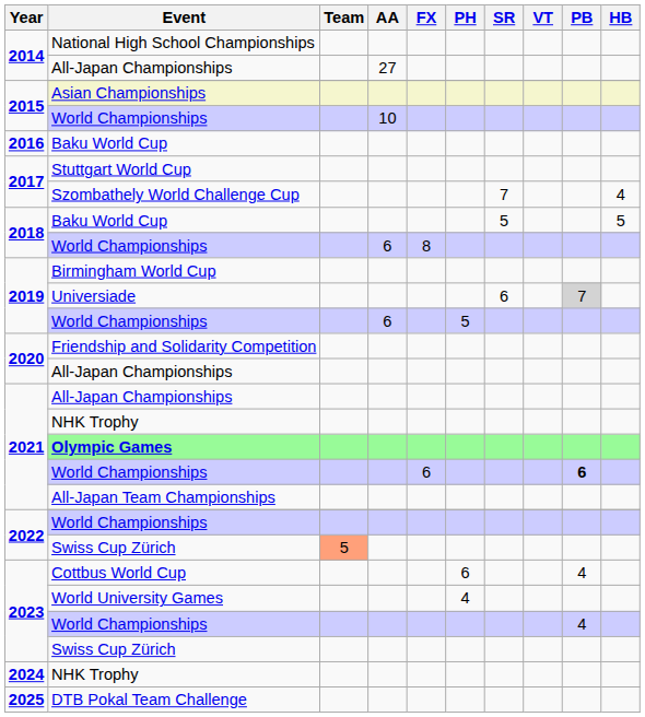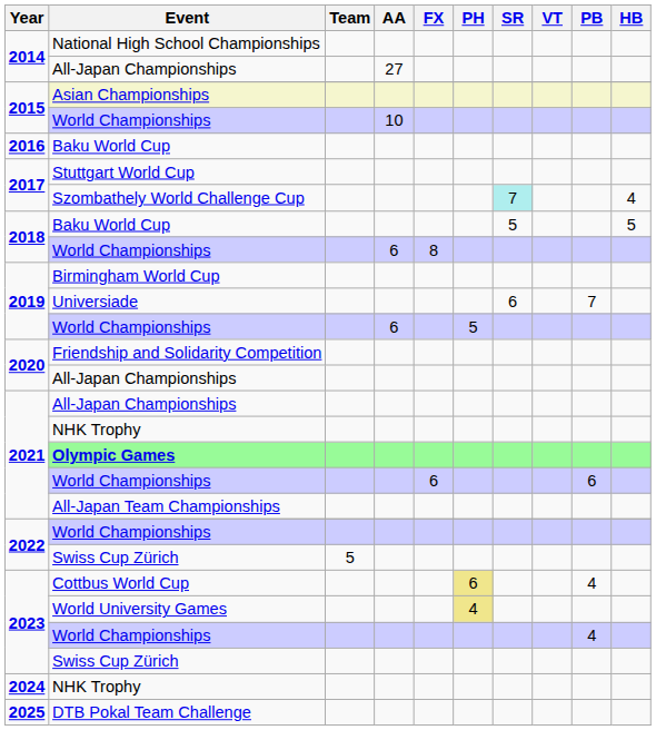 <table class="wikitable" style="text-align:center; font-size:95%;">
 <tr>
 <th align=center>Year</th>
 <th align=center>Event</th>
 <th style="width:30px;">Team</th>
 <th style="width:30px;">AA</th>
 <th style="width:30px;"><a href='#'>FX</a></th>
 <th style="width:30px;"><a href='#'>PH</a></th>
 <th style="width:30px;"><a href='#'>SR</a></th>
 <th style="width:30px;"><a href='#'>VT</a></th>
 <th style="width:30px;"><a href='#'>PB</a></th>
 <th style="width:30px;"><a href='#'>HB</a></th>
 </tr>
 <tr>
 <td rowspan="2"><strong><a href='#'>2014</a></strong></td>
 <td align=left>National High School Championships</td>
 <td></td>
 <td></td>
 <td></td>
 <td></td>
 <td></td>
 <td></td>
 <td></td>
 <td></td>
 </tr>
 <tr>
 <td align=left>All-Japan Championships</td>
 <td></td>
 <td>27</td>
 <td></td>
 <td></td>
 <td></td>
 <td></td>
 <td></td>
 <td></td>
 </tr>
 <tr>
 <td rowspan="3"><strong><a href='#'>2015</a></strong></td>
 </tr>
 <tr bgcolor=#F5F6CE>
 <td align=left><a href='#'>Asian Championships</a></td>
 <td></td>
 <td></td>
 <td></td>
 <td></td>
 <td></td>
 <td></td>
 <td></td>
 <td></td>
 </tr>
 <tr bgcolor=#CCCCFF>
 <td align=left><a href='#'>World Championships</a></td>
 <td></td>
 <td>10</td>
 <td></td>
 <td></td>
 <td></td>
 <td></td>
 <td></td>
 <td></td>
 </tr>
 <tr>
 <td rowspan="1"><strong><a href='#'>2016</a></strong></td>
 <td align=left><a href='#'>Baku World Cup</a></td>
 <td></td>
 <td></td>
 <td></td>
 <td></td>
 <td></td>
 <td></td>
 <td></td>
 <td></td>
 </tr>
 <tr>
 <td rowspan="2"><strong><a href='#'>2017</a></strong></td>
 <td align=left><a href='#'>Stuttgart World Cup</a></td>
 <td></td>
 <td></td>
 <td></td>
 <td></td>
 <td></td>
 <td></td>
 <td></td>
 </tr>
 <tr>
 <td align=left><a href='#'>Szombathely World Challenge Cup</a></td>
 <td></td>
 <td></td>
 <td></td>
 <td></td>
-<td>7</td>
+<td style="background: paleturquoise;">7</td>
 <td></td>
 <td></td>
 <td>4</td>
 </tr>
 <tr>
 <td rowspan="2"><strong><a href='#'>2018</a></strong></td>
 <td align=left><a href='#'>Baku World Cup</a></td>
 <td></td>
 <td></td>
 <td></td>
 <td></td>
 <td>5</td>
 <td></td>
 <td></td>
 <td>5</td>
 </tr>
 <tr bgcolor=#CCCCFF>
 <td align=left><a href='#'>World Championships</a></td>
 <td></td>
 <td>6</td>
 <td>8</td>
 <td></td>
 <td></td>
 <td></td>
 <td></td>
 <td></td>
 </tr>
 <tr>
 <td rowspan="3"><strong><a href='#'>2019</a></strong></td>
 <td align=left><a href='#'>Birmingham World Cup</a></td>
 <td></td>
 <td></td>
 <td></td>
 <td></td>
 <td></td>
 <td></td>
 <td></td>
 </tr>
 <tr>
 <td align=left><a href='#'>Universiade</a></td>
 <td></td>
 <td></td>
 <td></td>
 <td></td>
 <td>6</td>
 <td></td>
-<td style="background: lightgrey;">7</td>
+<td>7</td>
 <td></td>
 </tr>
 <tr bgcolor="#CCCCFF">
 <td align="left"><a href='#'>World Championships</a></td>
 <td></td>
 <td>6</td>
 <td></td>
 <td>5</td>
 <td></td>
 <td></td>
 <td></td>
 <td></td>
 </tr>
 <tr>
 <td rowspan="2"><strong><a href='#'>2020</a></strong></td>
 <td align=left><a href='#'>Friendship and Solidarity Competition</a></td>
 <td></td>
 <td></td>
 <td></td>
 <td></td>
 <td></td>
 <td></td>
 <td></td>
 <td></td>
 </tr>
 <tr>
 <td align=left>All-Japan Championships</td>
 <td></td>
 <td></td>
 <td></td>
 <td></td>
 <td></td>
 <td></td>
 <td></td>
 <td></td>
 </tr>
 <tr>
 <td rowspan="5"><strong><a href='#'>2021</a></strong></td>
 <td align=left><a href='#'>All-Japan Championships</a></td>
 <td></td>
 <td></td>
 <td></td>
 <td></td>
 <td></td>
 <td></td>
 <td></td>
 <td></td>
 </tr>
 <tr>
 <td align=left>NHK Trophy</td>
 <td></td>
 <td></td>
 <td></td>
 <td></td>
 <td></td>
 <td></td>
 <td></td>
 <td></td>
 </tr>
 <tr bgcolor="#98FB98">
 <td align="left"><strong><a href='#'>Olympic Games</a></strong></td>
 <td></td>
 <td></td>
 <td></td>
 <td></td>
 <td></td>
 <td></td>
 <td></td>
 <td></td>
 </tr>
 <tr bgcolor=#CCCCFF>
 <td align=left><a href='#'>World Championships</a></td>
 <td></td>
 <td></td>
 <td>6</td>
 <td></td>
 <td></td>
 <td></td>
-<td><strong>6</strong></td>
+<td>6</td>
 <td></td>
 </tr>
 <tr>
 <td align=left><a href='#'>All-Japan Team Championships</a></td>
 <td></td>
 <td></td>
 <td></td>
 <td></td>
 <td></td>
 <td></td>
 <td></td>
 <td></td>
 </tr>
 <tr>
 <td rowspan="3"><strong><a href='#'>2022</a></strong></td>
 </tr>
 <tr bgcolor=#CCCCFF>
 <td align=left><a href='#'>World Championships</a></td>
 <td></td>
 <td></td>
 <td></td>
 <td></td>
 <td></td>
 <td></td>
 <td></td>
 <td></td>
 </tr>
 <tr>
 <td align=left><a href='#'>Swiss Cup Zürich</a></td>
-<td style="background: lightsalmon;">5</td>
+<td>5</td>
 <td></td>
 <td></td>
 <td></td>
 <td></td>
 <td></td>
 <td></td>
 <td></td>
 </tr>
 <tr>
 <td rowspan="4"><strong><a href='#'>2023</a></strong></td>
 <td align=left><a href='#'>Cottbus World Cup</a></td>
 <td></td>
 <td></td>
 <td></td>
-<td>6</td>
+<td style="background: khaki;">6</td>
 <td></td>
 <td></td>
 <td>4</td>
 <td></td>
 </tr>
 <tr>
 <td align=left><a href='#'>World University Games</a></td>
 <td></td>
 <td></td>
 <td></td>
-<td>4</td>
+<td style="background: khaki;">4</td>
 <td></td>
 <td></td>
 <td></td>
 <td></td>
 </tr>
 <tr bgcolor=#CCCCFF>
 <td align=left><a href='#'>World Championships</a></td>
 <td></td>
 <td></td>
 <td></td>
 <td></td>
 <td></td>
 <td></td>
 <td>4</td>
 <td></td>
 </tr>
 <tr>
 <td align=left><a href='#'>Swiss Cup Zürich</a></td>
 <td></td>
 <td></td>
 <td></td>
 <td></td>
 <td></td>
 <td></td>
 <td></td>
 <td></td>
 </tr>
 <tr>
 <td rowspan="1"><strong><a href='#'>2024</a></strong></td>
 <td align=left>NHK Trophy</td>
 <td></td>
 <td></td>
 <td></td>
 <td></td>
 <td></td>
 <td></td>
 <td></td>
 <td></td>
 </tr>
 <tr>
 <td rowspan="1"><strong><a href='#'>2025</a></strong></td>
 <td align=left><a href='#'>DTB Pokal Team Challenge</a></td>
 <td></td>
 <td></td>
 <td></td>
 <td></td>
 <td></td>
 <td></td>
 <td></td>
 <td></td>
 </tr>
 </table>
